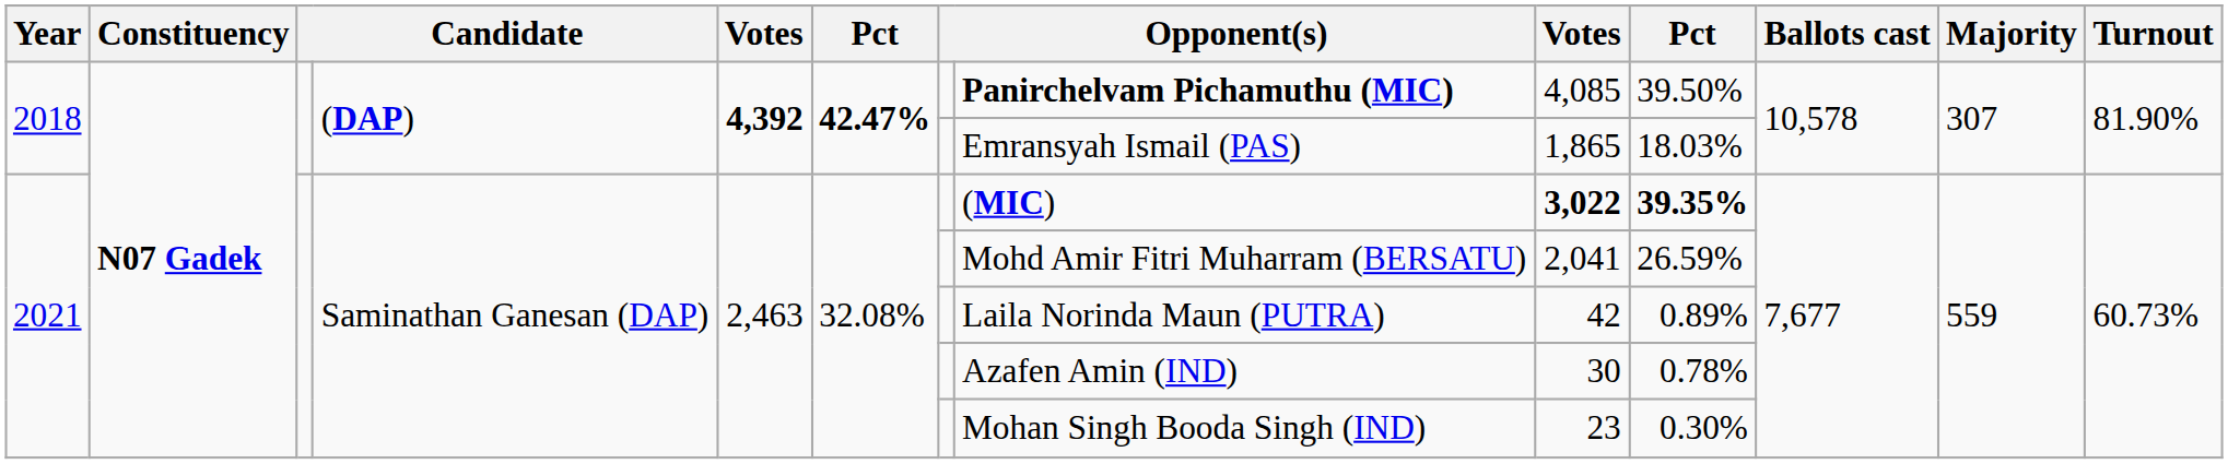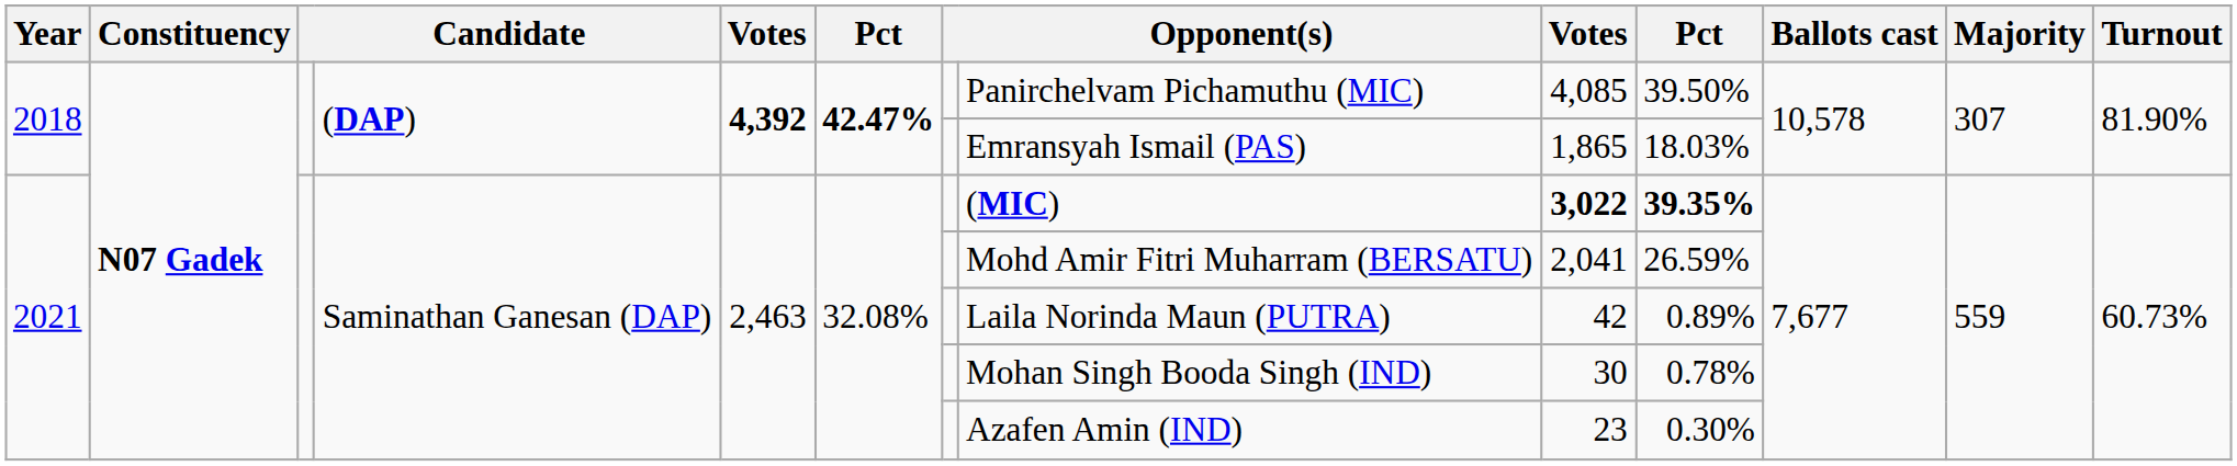 <table class="wikitable" style="margin:0.5em ; font-size:95%">
 <tr>
 <th>Year</th>
 <th>Constituency</th>
 <th colspan=2>Candidate</th>
 <th>Votes</th>
 <th>Pct</th>
 <th colspan=2>Opponent(s)</th>
 <th>Votes</th>
 <th>Pct</th>
 <th>Ballots cast</th>
 <th>Majority</th>
 <th>Turnout</th>
 </tr>
 <tr>
 <td rowspan=2><a href='#'>2018</a></td>
 <td rowspan="7"><strong>N07 <a href='#'>Gadek</a></strong></td>
 <td rowspan=2 ></td>
 <td rowspan=2> (<a href='#'><strong>DAP</strong></a>)</td>
 <td rowspan=2 align="right"><strong>4,392</strong></td>
 <td rowspan=2><strong>42.47%</strong></td>
 <td></td>
-<td><strong>Panirchelvam Pichamuthu (<a href='#'>MIC</a>)</strong></td>
+<td>Panirchelvam Pichamuthu (<a href='#'>MIC</a>)</td>
 <td align="right">4,085</td>
 <td>39.50%</td>
 <td rowspan=2>10,578</td>
 <td rowspan=2>307</td>
 <td rowspan=2>81.90%</td>
 </tr>
 <tr>
 <td></td>
 <td>Emransyah Ismail (<a href='#'>PAS</a>)</td>
 <td align="right">1,865</td>
 <td>18.03%</td>
 </tr>
 <tr>
 <td rowspan="5"><a href='#'>2021</a></td>
 <td rowspan="5" ></td>
 <td rowspan="5">Saminathan Ganesan (<a href='#'>DAP</a>)</td>
 <td rowspan="5" align="right">2,463</td>
 <td rowspan="5">32.08%</td>
 <td></td>
 <td> (<a href='#'><strong>MIC</strong></a>)</td>
 <td align="right"><strong>3,022</strong></td>
 <td><strong>39.35%</strong></td>
 <td rowspan=5>7,677</td>
 <td rowspan=5>559</td>
 <td rowspan=5>60.73%</td>
 </tr>
 <tr>
 <td></td>
 <td>Mohd Amir Fitri Muharram (<a href='#'>BERSATU</a>)</td>
 <td align="right">2,041</td>
 <td>26.59%</td>
 </tr>
 <tr>
 <td></td>
 <td>Laila Norinda Maun (<a href='#'>PUTRA</a>)</td>
 <td align="right">42</td>
 <td align="right">0.89%</td>
 </tr>
 <tr>
 <td></td>
-<td>Azafen Amin (<a href='#'>IND</a>)</td>
+<td>Mohan Singh Booda Singh (<a href='#'>IND</a>)</td>
 <td align="right">30</td>
 <td align="right">0.78%</td>
 </tr>
 <tr>
 <td></td>
-<td>Mohan Singh Booda Singh (<a href='#'>IND</a>)</td>
+<td>Azafen Amin (<a href='#'>IND</a>)</td>
 <td align="right">23</td>
 <td align="right">0.30%</td>
 </tr>
 </table>
